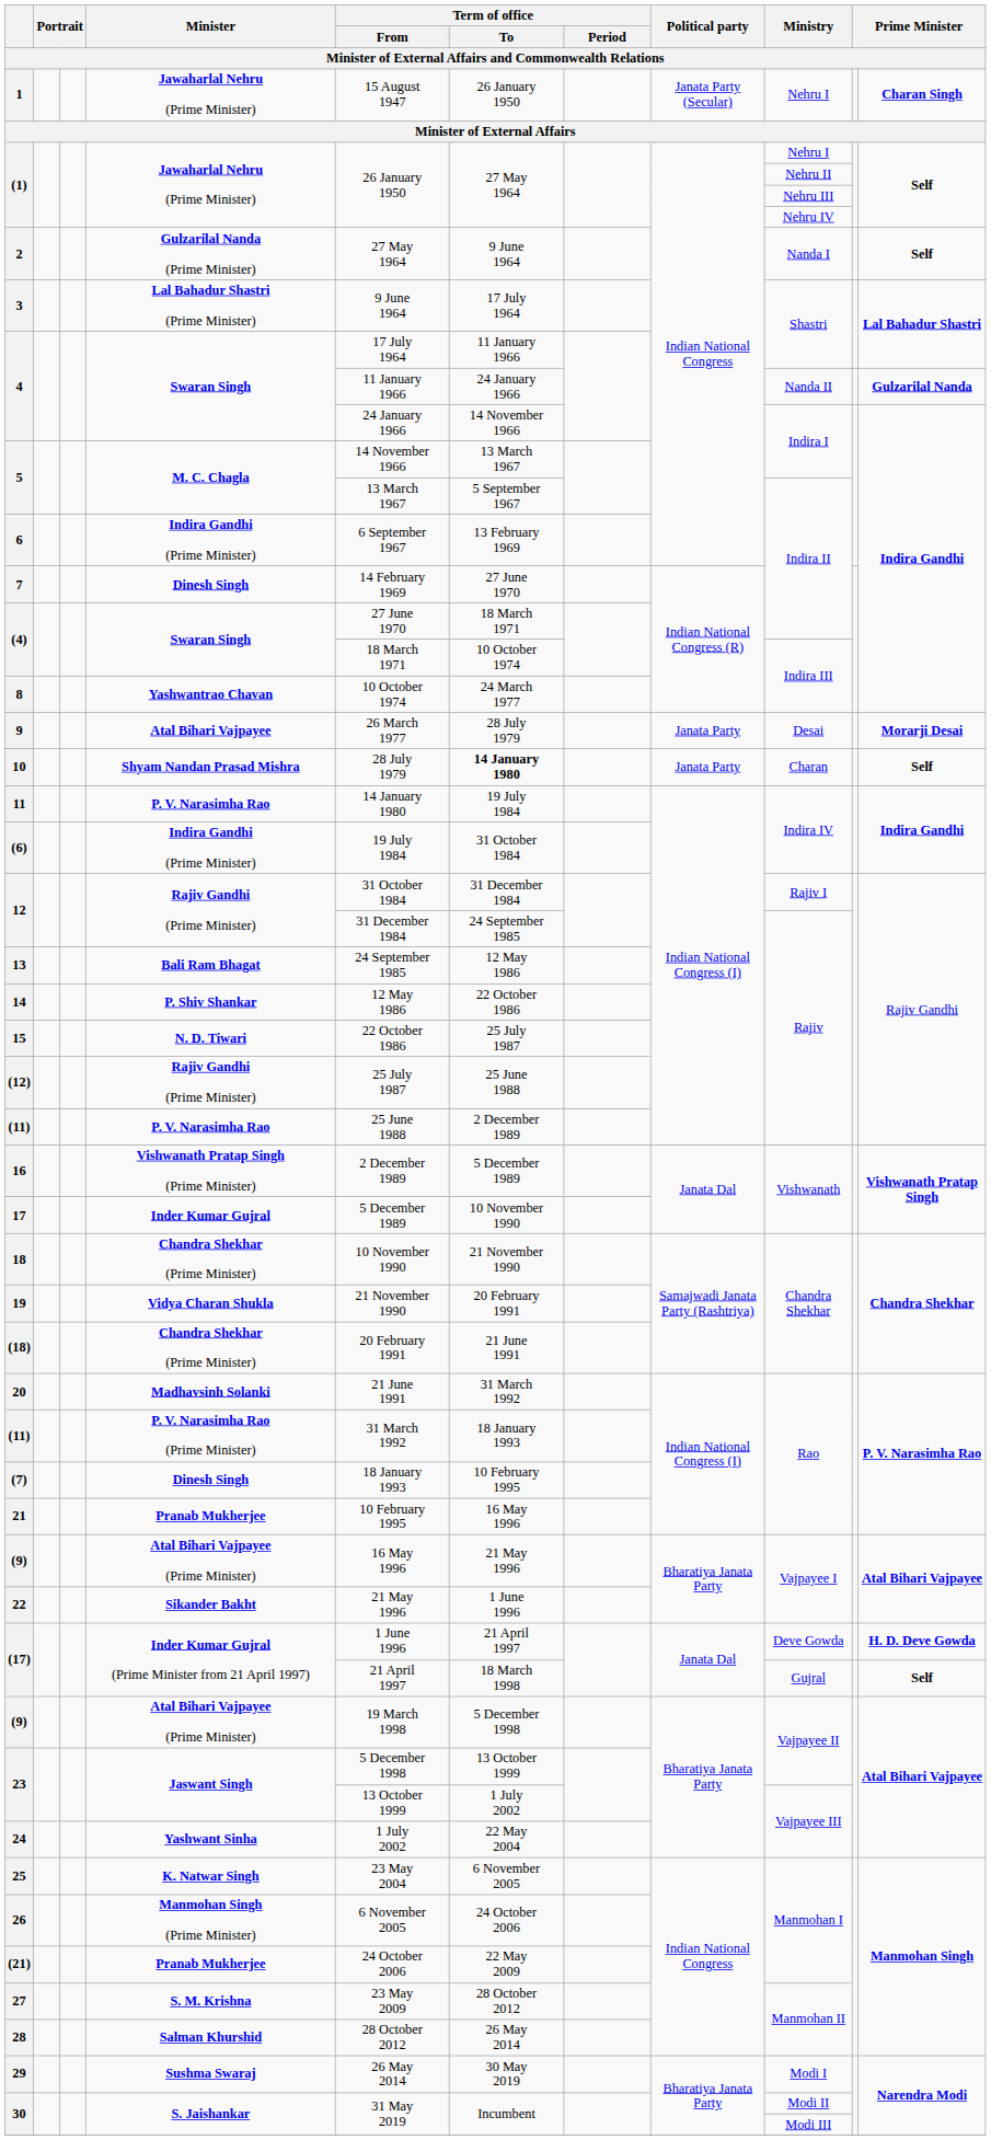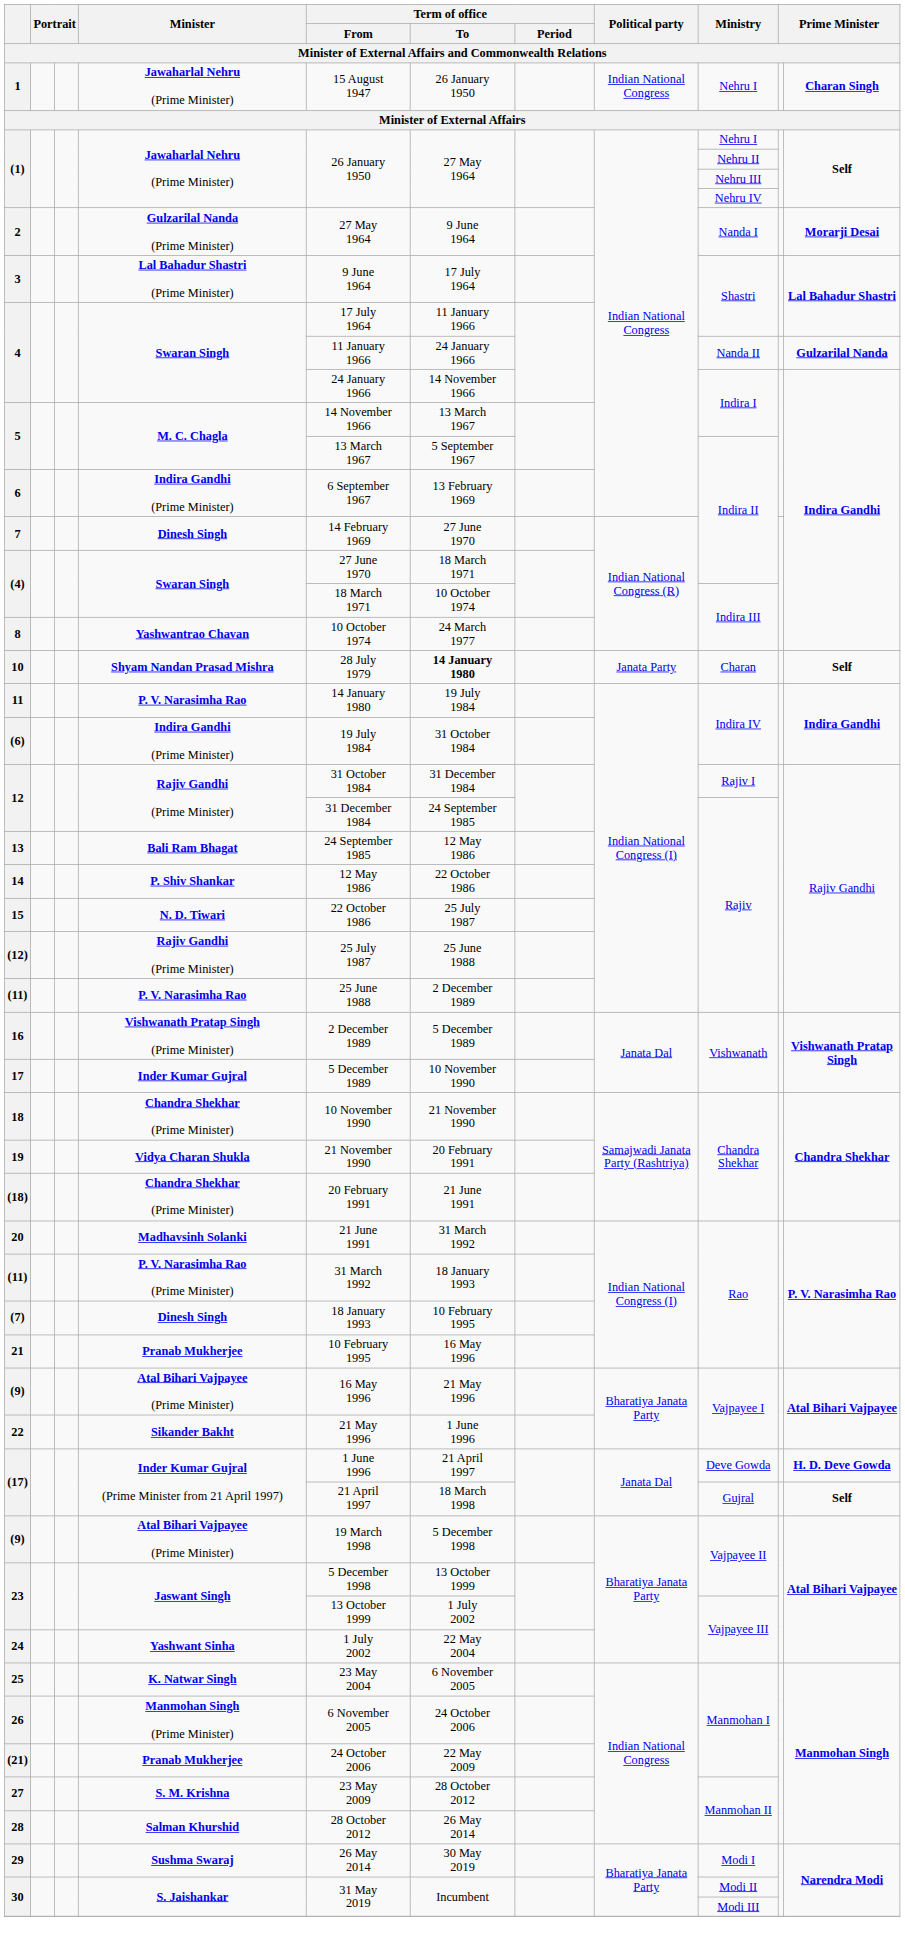 <table class="wikitable" style="text-align:center">
 <tr>
 <th rowspan="2"></th>
 <th rowspan="2" colspan="2">Portrait</th>
 <th rowspan="2" style="width:18em">Minister<br></th>
 <th colspan="3">Term of office</th>
 <th rowspan="2" style="width:8em">Political party</th>
 <th rowspan="2" style="width:6em">Ministry</th>
 <th rowspan="2" colspan="2">Prime Minister</th>
 </tr>
 <tr>
 <th style="width:8em">From</th>
 <th style="width:8em">To</th>
 <th style="width:6em">Period</th>
 </tr>
 <tr>
 <th colspan="11">Minister of External Affairs and Commonwealth Relations</th>
 </tr>
 <tr>
 <th>1</th>
 <td></td>
 <td></td>
 <td><strong><a href='#'>Jawaharlal Nehru</a></strong><br><br>(Prime Minister)</td>
 <td>15 August<br>1947</td>
 <td>26 January<br>1950</td>
 <td><strong></strong></td>
-<td><a href='#'>Janata Party (Secular)</a></td>
+<td><a href='#'>Indian National Congress</a></td>
 <td><a href='#'>Nehru I</a></td>
 <td></td>
 <td><strong><a href='#'>Charan Singh</a></strong></td>
 </tr>
 <tr>
 <th colspan="11">Minister of External Affairs</th>
 </tr>
 <tr>
 <th rowspan="4">(1)</th>
 <td rowspan="4"></td>
 <td rowspan="4"></td>
 <td rowspan="4"><strong><a href='#'>Jawaharlal Nehru</a></strong><br><br>(Prime Minister)</td>
 <td rowspan="4">26 January<br>1950</td>
 <td rowspan="4">27 May<br>1964</td>
 <td rowspan="4"><strong></strong></td>
 <td rowspan="12"><a href='#'>Indian National Congress</a></td>
 <td><a href='#'>Nehru I</a></td>
 <td rowspan="4"></td>
 <td rowspan="4"><strong>Self</strong></td>
 </tr>
 <tr>
 <td><a href='#'>Nehru II</a></td>
 </tr>
 <tr>
 <td><a href='#'>Nehru III</a></td>
 </tr>
 <tr>
 <td><a href='#'>Nehru IV</a></td>
 </tr>
 <tr>
 <th>2</th>
 <td></td>
 <td></td>
 <td><strong><a href='#'>Gulzarilal Nanda</a></strong><br><br>(Prime Minister)</td>
 <td>27 May<br>1964</td>
 <td>9 June<br>1964</td>
 <td><strong></strong></td>
 <td><a href='#'>Nanda I</a></td>
 <td></td>
-<td><strong>Self</strong></td>
+<td><strong><a href='#'>Morarji Desai</a></strong></td>
 </tr>
 <tr>
 <th>3</th>
 <td></td>
 <td></td>
 <td><strong><a href='#'>Lal Bahadur Shastri</a></strong><br><br>(Prime Minister)</td>
 <td>9 June<br>1964</td>
 <td>17 July<br>1964</td>
 <td><strong></strong></td>
 <td rowspan="2"><a href='#'>Shastri</a></td>
 <td rowspan="2"></td>
 <td rowspan="2"><strong><a href='#'>Lal Bahadur Shastri</a></strong></td>
 </tr>
 <tr>
 <th rowspan="3">4</th>
 <td rowspan="3"></td>
 <td rowspan="3"></td>
 <td rowspan="3"><strong><a href='#'>Swaran Singh</a></strong><br></td>
 <td>17 July<br>1964</td>
 <td>11 January<br>1966</td>
 <td rowspan="3"><strong></strong></td>
 </tr>
 <tr>
 <td>11 January<br>1966</td>
 <td>24 January<br>1966</td>
 <td><a href='#'>Nanda II</a></td>
 <td></td>
 <td style="width:9em"><strong><a href='#'>Gulzarilal Nanda</a></strong></td>
 </tr>
 <tr>
 <td>24 January<br>1966</td>
 <td>14 November<br>1966</td>
 <td rowspan="2"><a href='#'>Indira I</a></td>
 <td rowspan="4"></td>
 <td rowspan="8"><strong><a href='#'>Indira Gandhi</a></strong></td>
 </tr>
 <tr>
 <th rowspan="2">5</th>
 <td rowspan="2"></td>
 <td rowspan="2"></td>
 <td rowspan="2"><strong><a href='#'>M. C. Chagla</a></strong><br></td>
 <td>14 November<br>1966</td>
 <td>13 March<br>1967</td>
 <td rowspan="2"><strong></strong></td>
 </tr>
 <tr>
 <td>13 March<br>1967</td>
 <td>5 September<br>1967</td>
 <td rowspan="4"><a href='#'>Indira II</a></td>
 </tr>
 <tr>
 <th>6</th>
 <td></td>
 <td></td>
 <td><strong><a href='#'>Indira Gandhi</a></strong><br><br>(Prime Minister)</td>
 <td>6 September<br>1967</td>
 <td>13 February<br>1969</td>
 <td><strong></strong></td>
 </tr>
 <tr>
 <th>7</th>
 <td></td>
 <td></td>
 <td><strong><a href='#'>Dinesh Singh</a></strong><br></td>
 <td>14 February<br>1969</td>
 <td>27 June<br>1970</td>
 <td><strong></strong></td>
 <td rowspan="4"><a href='#'>Indian National Congress (R)</a></td>
 <td rowspan="4"></td>
 </tr>
 <tr>
 <th rowspan="2">(4)</th>
 <td rowspan="2"></td>
 <td rowspan="2"></td>
 <td rowspan="2"><strong><a href='#'>Swaran Singh</a></strong><br></td>
 <td>27 June<br>1970</td>
 <td>18 March<br>1971</td>
 <td rowspan="2"><strong></strong></td>
 </tr>
 <tr>
 <td>18 March<br>1971</td>
 <td>10 October<br>1974</td>
 <td rowspan="2"><a href='#'>Indira III</a></td>
 </tr>
 <tr>
 <th>8</th>
 <td></td>
 <td></td>
 <td><strong><a href='#'>Yashwantrao Chavan</a></strong><br></td>
 <td>10 October<br>1974</td>
 <td>24 March<br>1977</td>
 <td><strong></strong></td>
-</tr>
-<tr>
-<th>9</th>
-<td style="background:"></td>
-<td></td>
-<td><strong><a href='#'>Atal Bihari Vajpayee</a></strong><br></td>
-<td>26 March<br>1977</td>
-<td>28 July<br>1979</td>
-<td><strong></strong></td>
-<td><a href='#'>Janata Party</a></td>
-<td><a href='#'>Desai</a></td>
-<td style="background:"></td>
-<td><strong><a href='#'>Morarji Desai</a></strong></td>
 </tr>
 <tr>
 <th>10</th>
 <td style="background:"></td>
 <td></td>
 <td><strong><a href='#'>Shyam Nandan Prasad Mishra</a></strong><br></td>
 <td>28 July<br>1979</td>
 <td><strong>14 January<br>1980</strong></td>
 <td><strong></strong></td>
 <td><a href='#'>Janata Party</a></td>
 <td><a href='#'>Charan</a></td>
 <td style="background:"></td>
 <td><strong>Self</strong></td>
 </tr>
 <tr>
 <th>11</th>
 <td></td>
 <td></td>
 <td><strong><a href='#'>P. V. Narasimha Rao</a></strong><br></td>
 <td>14 January<br>1980</td>
 <td>19 July<br>1984</td>
 <td><strong></strong></td>
 <td rowspan="9"><a href='#'>Indian National Congress (I)</a></td>
 <td rowspan="2"><a href='#'>Indira IV</a></td>
 <td rowspan="2"></td>
 <td rowspan="2"><strong><a href='#'>Indira Gandhi</a></strong></td>
 </tr>
 <tr>
 <th>(6)</th>
 <td></td>
 <td></td>
 <td><strong><a href='#'>Indira Gandhi</a></strong><br><br>(Prime Minister)</td>
 <td>19 July<br>1984</td>
 <td>31 October<br>1984</td>
 <td><strong></strong></td>
 </tr>
 <tr>
 <th rowspan="2">12</th>
 <td rowspan="2"></td>
 <td rowspan="2"></td>
 <td rowspan="2"><strong><a href='#'>Rajiv Gandhi</a></strong><br><br>(Prime Minister)</td>
 <td>31 October<br>1984</td>
 <td>31 December<br>1984</td>
 <td rowspan="2"><strong></strong></td>
 <td><a href='#'>Rajiv I</a></td>
 <td rowspan="7"></td>
 <td rowspan="7"><a href='#'>Rajiv Gandhi</a></td>
 </tr>
 <tr>
 <td>31 December<br>1984</td>
 <td>24 September<br>1985</td>
 <td rowspan="6"><a href='#'>Rajiv</a></td>
 </tr>
 <tr>
 <th>13</th>
 <td></td>
 <td></td>
 <td><strong><a href='#'>Bali Ram Bhagat</a></strong><br></td>
 <td>24 September<br>1985</td>
 <td>12 May<br>1986</td>
 <td><strong></strong></td>
 </tr>
 <tr>
 <th>14</th>
 <td></td>
 <td></td>
 <td><strong><a href='#'>P. Shiv Shankar</a></strong><br></td>
 <td>12 May<br>1986</td>
 <td>22 October<br>1986</td>
 <td><strong></strong></td>
 </tr>
 <tr>
 <th>15</th>
 <td></td>
 <td></td>
 <td><strong><a href='#'>N. D. Tiwari</a></strong><br></td>
 <td>22 October<br>1986</td>
 <td>25 July<br>1987</td>
 <td><strong></strong></td>
 </tr>
 <tr>
 <th>(12)</th>
 <td></td>
 <td></td>
 <td><strong><a href='#'>Rajiv Gandhi</a></strong><br><br>(Prime Minister)</td>
 <td>25 July<br>1987</td>
 <td>25 June<br>1988</td>
 <td><strong></strong></td>
 </tr>
 <tr>
 <th>(11)</th>
 <td></td>
 <td></td>
 <td><strong><a href='#'>P. V. Narasimha Rao</a></strong><br></td>
 <td>25 June<br>1988</td>
 <td>2 December<br>1989</td>
 <td><strong></strong></td>
 </tr>
 <tr>
 <th>16</th>
 <td style="background:"></td>
 <td></td>
 <td><strong><a href='#'>Vishwanath Pratap Singh</a></strong><br><br>(Prime Minister)</td>
 <td>2 December<br>1989</td>
 <td>5 December<br>1989</td>
 <td><strong></strong></td>
 <td rowspan="2"><a href='#'>Janata Dal</a></td>
 <td rowspan="2"><a href='#'>Vishwanath</a></td>
 <td rowspan="2" style="background:"></td>
 <td rowspan="2"><strong><a href='#'>Vishwanath Pratap Singh</a></strong></td>
 </tr>
 <tr>
 <th>17</th>
 <td style="background:"></td>
 <td></td>
 <td><strong><a href='#'>Inder Kumar Gujral</a></strong><br></td>
 <td>5 December<br>1989</td>
 <td>10 November<br>1990</td>
 <td><strong></strong></td>
 </tr>
 <tr>
 <th>18</th>
 <td></td>
 <td></td>
 <td><strong><a href='#'>Chandra Shekhar</a></strong><br><br>(Prime Minister)</td>
 <td>10 November<br>1990</td>
 <td>21 November<br>1990</td>
 <td><strong></strong></td>
 <td rowspan="3"><a href='#'>Samajwadi Janata Party (Rashtriya)</a></td>
 <td rowspan="3"><a href='#'>Chandra Shekhar</a></td>
 <td rowspan="3"></td>
 <td rowspan="3"><strong><a href='#'>Chandra Shekhar</a></strong></td>
 </tr>
 <tr>
 <th>19</th>
 <td></td>
 <td></td>
 <td><strong><a href='#'>Vidya Charan Shukla</a></strong><br></td>
 <td>21 November<br>1990</td>
 <td>20 February<br>1991</td>
 <td><strong></strong></td>
 </tr>
 <tr>
 <th>(18)</th>
 <td></td>
 <td></td>
 <td><strong><a href='#'>Chandra Shekhar</a></strong><br><br>(Prime Minister)</td>
 <td>20 February<br>1991</td>
 <td>21 June<br>1991</td>
 <td><strong></strong></td>
 </tr>
 <tr>
 <th>20</th>
 <td></td>
 <td></td>
 <td><strong><a href='#'>Madhavsinh Solanki</a></strong><br></td>
 <td>21 June<br>1991</td>
 <td>31 March<br>1992</td>
 <td><strong></strong></td>
 <td rowspan="4"><a href='#'>Indian National Congress (I)</a></td>
 <td rowspan="4"><a href='#'>Rao</a></td>
 <td rowspan="4"></td>
 <td rowspan="4"><strong><a href='#'>P. V. Narasimha Rao</a></strong></td>
 </tr>
 <tr>
 <th>(11)</th>
 <td></td>
 <td></td>
 <td><strong><a href='#'>P. V. Narasimha Rao</a></strong><br><br>(Prime Minister)</td>
 <td>31 March<br>1992</td>
 <td>18 January<br>1993</td>
 <td><strong></strong></td>
 </tr>
 <tr>
 <th>(7)</th>
 <td></td>
 <td></td>
 <td><strong><a href='#'>Dinesh Singh</a></strong><br></td>
 <td>18 January<br>1993</td>
 <td>10 February<br>1995</td>
 <td><strong></strong></td>
 </tr>
 <tr>
 <th>21</th>
 <td></td>
 <td></td>
 <td><strong><a href='#'>Pranab Mukherjee</a></strong><br></td>
 <td>10 February<br>1995</td>
 <td>16 May<br>1996</td>
 <td><strong></strong></td>
 </tr>
 <tr>
 <th>(9)</th>
 <td></td>
 <td></td>
 <td><strong><a href='#'>Atal Bihari Vajpayee</a></strong><br><br>(Prime Minister)</td>
 <td>16 May<br>1996</td>
 <td>21 May<br>1996</td>
 <td><strong></strong></td>
 <td rowspan="2"><a href='#'>Bharatiya Janata Party</a></td>
 <td rowspan="2"><a href='#'>Vajpayee I</a></td>
 <td rowspan="2"></td>
 <td rowspan="2"><strong><a href='#'>Atal Bihari Vajpayee</a></strong></td>
 </tr>
 <tr>
 <th>22</th>
 <td></td>
 <td></td>
 <td><strong><a href='#'>Sikander Bakht</a></strong><br></td>
 <td>21 May<br>1996</td>
 <td>1 June<br>1996</td>
 <td><strong></strong></td>
 </tr>
 <tr>
 <th rowspan="2">(17)</th>
 <td rowspan="2" style="background:"></td>
 <td rowspan="2"></td>
 <td rowspan="2"><strong><a href='#'>Inder Kumar Gujral</a></strong><br><br>(Prime Minister from 21 April 1997)</td>
 <td>1 June<br>1996</td>
 <td>21 April<br>1997</td>
 <td rowspan="2"><strong></strong></td>
 <td rowspan="2"><a href='#'>Janata Dal</a></td>
 <td><a href='#'>Deve Gowda</a></td>
 <td style="background:"></td>
 <td><strong><a href='#'>H. D. Deve Gowda</a></strong></td>
 </tr>
 <tr>
 <td>21 April<br>1997</td>
 <td>18 March<br>1998</td>
 <td><a href='#'>Gujral</a></td>
 <td style="background:"></td>
 <td><strong>Self</strong></td>
 </tr>
 <tr>
 <th>(9)</th>
 <td></td>
 <td></td>
 <td><strong><a href='#'>Atal Bihari Vajpayee</a></strong><br><br>(Prime Minister)</td>
 <td>19 March<br>1998</td>
 <td>5 December<br>1998</td>
 <td><strong></strong></td>
 <td rowspan="4"><a href='#'>Bharatiya Janata Party</a></td>
 <td rowspan="2"><a href='#'>Vajpayee II</a></td>
 <td rowspan="4"></td>
 <td rowspan="4"><strong><a href='#'>Atal Bihari Vajpayee</a></strong></td>
 </tr>
 <tr>
 <th rowspan="2">23</th>
 <td rowspan="2"></td>
 <td rowspan="2"></td>
 <td rowspan="2"><strong><a href='#'>Jaswant Singh</a></strong><br></td>
 <td>5 December<br>1998</td>
 <td>13 October<br>1999</td>
 <td rowspan="2"><strong></strong></td>
 </tr>
 <tr>
 <td>13 October<br>1999</td>
 <td>1 July<br>2002</td>
 <td rowspan="2"><a href='#'>Vajpayee III</a></td>
 </tr>
 <tr>
 <th>24</th>
 <td></td>
 <td></td>
 <td><strong><a href='#'>Yashwant Sinha</a></strong><br></td>
 <td>1 July<br>2002</td>
 <td>22 May<br>2004</td>
 <td><strong></strong></td>
 </tr>
 <tr>
 <th>25</th>
 <td></td>
 <td></td>
 <td><strong><a href='#'>K. Natwar Singh</a></strong><br></td>
 <td>23 May<br>2004</td>
 <td>6 November<br>2005</td>
 <td><strong></strong></td>
 <td rowspan="5"><a href='#'>Indian National Congress</a></td>
 <td rowspan="3"><a href='#'>Manmohan I</a></td>
 <td rowspan="5"></td>
 <td rowspan="5"><strong><a href='#'>Manmohan Singh</a></strong></td>
 </tr>
 <tr>
 <th>26</th>
 <td></td>
 <td></td>
 <td><strong><a href='#'>Manmohan Singh</a></strong><br><br>(Prime Minister)</td>
 <td>6 November<br>2005</td>
 <td>24 October<br>2006</td>
 <td><strong></strong></td>
 </tr>
 <tr>
 <th>(21)</th>
 <td></td>
 <td></td>
 <td><strong><a href='#'>Pranab Mukherjee</a></strong><br></td>
 <td>24 October<br>2006</td>
 <td>22 May<br>2009</td>
 <td><strong></strong></td>
 </tr>
 <tr>
 <th>27</th>
 <td></td>
 <td></td>
 <td><strong><a href='#'>S. M. Krishna</a></strong><br></td>
 <td>23 May<br>2009</td>
 <td>28 October<br>2012</td>
 <td><strong></strong></td>
 <td rowspan="2"><a href='#'>Manmohan II</a></td>
 </tr>
 <tr>
 <th>28</th>
 <td></td>
 <td></td>
 <td><strong><a href='#'>Salman Khurshid</a></strong><br></td>
 <td>28 October<br>2012</td>
 <td>26 May<br>2014</td>
 <td><strong></strong></td>
 </tr>
 <tr>
 <th>29</th>
 <td></td>
 <td></td>
 <td><strong><a href='#'>Sushma Swaraj</a></strong><br></td>
 <td>26 May<br>2014</td>
 <td>30 May<br>2019</td>
 <td><strong></strong></td>
 <td rowspan="3"><a href='#'>Bharatiya Janata Party</a></td>
 <td><a href='#'>Modi I</a></td>
 <td rowspan="3"></td>
 <td rowspan="3"><strong><a href='#'>Narendra Modi</a></strong></td>
 </tr>
 <tr>
 <th rowspan="2">30</th>
 <td rowspan="2"></td>
 <td rowspan="2"></td>
 <td rowspan="2"><strong><a href='#'>S. Jaishankar</a></strong><br></td>
 <td rowspan="2">31 May<br>2019</td>
 <td rowspan="2">Incumbent</td>
 <td rowspan="2"><strong></strong></td>
 <td><a href='#'>Modi II</a></td>
 </tr>
 <tr>
 <td><a href='#'>Modi III</a></td>
 </tr>
 <tr>
 </tr>
 </table>
